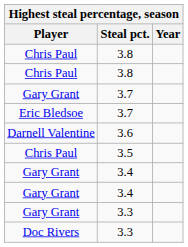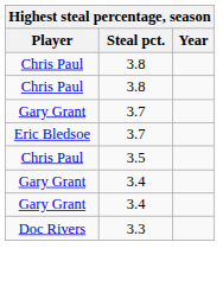 <table class="wikitable sortable" style="text-align:center">
 <tr>
 <th colspan="3">Highest steal percentage, season</th>
 </tr>
 <tr>
 <th>Player</th>
 <th>Steal pct.</th>
 <th>Year</th>
 </tr>
 <tr>
 <td><a href='#'>Chris Paul</a></td>
 <td>3.8</td>
 <td></td>
 </tr>
 <tr>
 <td><a href='#'>Chris Paul</a></td>
 <td>3.8</td>
 <td></td>
 </tr>
 <tr>
 <td><a href='#'>Gary Grant</a></td>
 <td>3.7</td>
 <td></td>
 </tr>
 <tr>
 <td><a href='#'>Eric Bledsoe</a></td>
 <td>3.7</td>
 <td></td>
 </tr>
 <tr>
-<td><a href='#'>Darnell Valentine</a></td>
-<td>3.6</td>
-<td></td>
-</tr>
-<tr>
 <td><a href='#'>Chris Paul</a></td>
 <td>3.5</td>
 <td></td>
 </tr>
 <tr>
 <td><a href='#'>Gary Grant</a></td>
 <td>3.4</td>
 <td></td>
 </tr>
 <tr>
 <td><a href='#'>Gary Grant</a></td>
 <td>3.4</td>
 <td></td>
 </tr>
 <tr>
-<td><a href='#'>Gary Grant</a></td>
-<td>3.3</td>
-<td></td>
-</tr>
-<tr>
 <td><a href='#'>Doc Rivers</a></td>
 <td>3.3</td>
 <td></td>
 </tr>
 </table>
